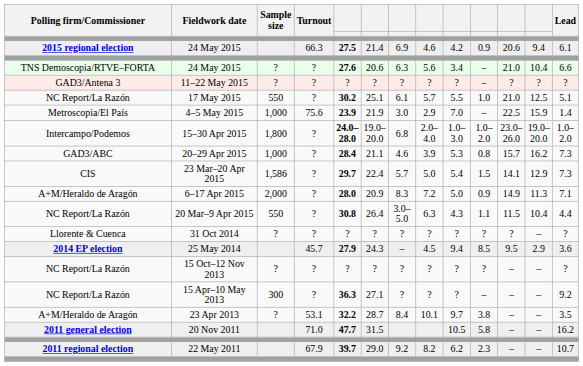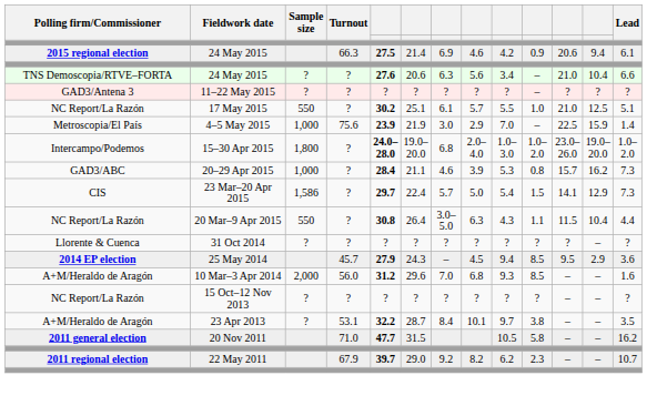 <table class="wikitable collapsible collapsed" style="text-align:center; font-size:95%; line-height:16px;">
 <tr style="height:42px;">
 <th style="width:250px;" rowspan="2">Polling firm/Commissioner</th>
 <th style="width:125px;" rowspan="2">Fieldwork date</th>
 <th style="width:50px;" rowspan="2">Sample size</th>
 <th style="width:45px;" rowspan="2">Turnout</th>
 <th style="width:35px;"></th>
 <th style="width:35px;"></th>
 <th style="width:35px;"></th>
 <th style="width:35px;"></th>
 <th style="width:35px;"></th>
 <th style="width:35px;"></th>
 <th style="width:35px;"></th>
 <th style="width:35px;"></th>
 <th style="width:30px;" rowspan="2">Lead</th>
 </tr>
 <tr>
 <th style="color:inherit;background:"></th>
 <th style="color:inherit;background:"></th>
 <th style="color:inherit;background:"></th>
 <th style="color:inherit;background:"></th>
 <th style="color:inherit;background:"></th>
 <th style="color:inherit;background:"></th>
 <th style="color:inherit;background:"></th>
 <th style="color:inherit;background:"></th>
 </tr>
 <tr>
 <td colspan="13" style="background:#A0A0A0"></td>
 </tr>
 <tr style="background:#EFEFEF;">
 <td><strong><a href='#'>2015 regional election</a></strong></td>
 <td>24 May 2015</td>
 <td></td>
 <td>66.3</td>
 <td><strong>27.5</strong><br></td>
 <td>21.4<br></td>
 <td>6.9<br></td>
 <td>4.6<br></td>
 <td>4.2<br></td>
 <td>0.9<br></td>
 <td>20.6<br></td>
 <td>9.4<br></td>
 <td style="background:">6.1</td>
 </tr>
 <tr>
 <td colspan="13" style="background:#A0A0A0"></td>
 </tr>
 <tr style="background:#EAFFEA;">
 <td>TNS Demoscopia/RTVE–FORTA</td>
 <td>24 May 2015</td>
 <td>?</td>
 <td>?</td>
 <td><strong>27.6</strong><br></td>
 <td>20.6<br></td>
 <td>6.3<br></td>
 <td>5.6<br></td>
 <td>3.4<br></td>
 <td>–</td>
 <td>21.0<br></td>
 <td>10.4<br></td>
 <td style="background:">6.6</td>
 </tr>
 <tr style="background:#FFEAEA;">
 <td>GAD3/Antena 3</td>
 <td>11–22 May 2015</td>
 <td>?</td>
 <td>?</td>
 <td>?<br></td>
 <td>?<br></td>
 <td>?<br></td>
 <td>?<br></td>
 <td>?<br></td>
 <td>–</td>
 <td>?<br></td>
 <td>?<br></td>
 <td style="background:">?</td>
 </tr>
 <tr>
 <td>NC Report/La Razón</td>
 <td>17 May 2015</td>
 <td>550</td>
 <td>?</td>
 <td><strong>30.2</strong><br></td>
 <td>25.1<br></td>
 <td>6.1<br></td>
 <td>5.7<br></td>
 <td>5.5<br></td>
 <td>1.0<br></td>
 <td>21.0<br></td>
 <td>12.5<br></td>
 <td style="background:">5.1</td>
 </tr>
 <tr>
 <td>Metroscopia/El País</td>
 <td>4–5 May 2015</td>
 <td>1,000</td>
 <td>75.6</td>
 <td><strong>23.9</strong><br></td>
 <td>21.9<br></td>
 <td>3.0<br></td>
 <td>2.9<br></td>
 <td>7.0<br></td>
 <td>–</td>
 <td>22.5<br></td>
 <td>15.9<br></td>
 <td style="background:">1.4</td>
 </tr>
 <tr>
 <td>Intercampo/Podemos</td>
 <td>15–30 Apr 2015</td>
 <td>1,800</td>
 <td>?</td>
 <td><strong>24.0–<br>28.0</strong></td>
 <td>19.0–<br>20.0</td>
 <td>6.8<br></td>
 <td>2.0–<br>4.0</td>
 <td>1.0–<br>3.0</td>
 <td>1.0–<br>2.0</td>
 <td>23.0–<br>26.0</td>
 <td>19.0–<br>20.0</td>
 <td style="background:">1.0–<br>2.0</td>
 </tr>
 <tr>
 <td>GAD3/ABC</td>
 <td>20–29 Apr 2015</td>
 <td>1,000</td>
 <td>?</td>
 <td><strong>28.4</strong><br></td>
 <td>21.1<br></td>
 <td>4.6<br></td>
 <td>3.9<br></td>
 <td>5.3<br></td>
 <td>0.8<br></td>
 <td>15.7<br></td>
 <td>16.2<br></td>
 <td style="background:">7.3</td>
 </tr>
 <tr>
 <td>CIS</td>
 <td>23 Mar–20 Apr 2015</td>
 <td>1,586</td>
 <td>?</td>
 <td><strong>29.7</strong><br></td>
 <td>22.4<br></td>
 <td>5.7<br></td>
 <td>5.0<br></td>
 <td>5.4<br></td>
 <td>1.5<br></td>
 <td>14.1<br></td>
 <td>12.9<br></td>
 <td style="background:">7.3</td>
 </tr>
 <tr>
-<td>A+M/Heraldo de Aragón</td>
-<td>6–17 Apr 2015</td>
-<td>2,000</td>
-<td>?</td>
-<td><strong>28.0</strong><br></td>
-<td>20.9<br></td>
-<td>8.3<br></td>
-<td>7.2<br></td>
-<td>5.0<br></td>
-<td>0.9<br></td>
-<td>14.9<br></td>
-<td>11.3<br></td>
-<td style="background:">7.1</td>
-</tr>
-<tr>
 <td>NC Report/La Razón</td>
 <td>20 Mar–9 Apr 2015</td>
 <td>550</td>
 <td>?</td>
 <td><strong>30.8</strong><br></td>
 <td>26.4<br></td>
 <td>3.0–<br>5.0</td>
 <td>6.3<br></td>
 <td>4.3<br></td>
 <td>1.1<br></td>
 <td>11.5<br></td>
 <td>10.4<br></td>
 <td style="background:">4.4</td>
 </tr>
 <tr>
 <td>Llorente & Cuenca</td>
 <td>31 Oct 2014</td>
 <td>?</td>
 <td>?</td>
 <td>?<br></td>
 <td>?<br></td>
 <td>?<br></td>
 <td>?<br></td>
 <td>?<br></td>
 <td>?<br></td>
 <td>?<br></td>
 <td>–</td>
 <td style="background:">?</td>
 </tr>
 <tr style="background:#EFEFEF;">
 <td><strong><a href='#'>2014 EP election</a></strong></td>
 <td>25 May 2014</td>
 <td></td>
 <td>45.7</td>
 <td><strong>27.9</strong><br></td>
 <td>24.3<br></td>
 <td>–</td>
 <td>4.5<br></td>
 <td>9.4<br></td>
 <td>8.5<br></td>
 <td>9.5<br></td>
 <td>2.9<br></td>
 <td style="background:">3.6</td>
 </tr>
 <tr>
+<td>A+M/Heraldo de Aragón</td>
+<td>10 Mar–3 Apr 2014</td>
+<td>2,000</td>
+<td>56.0</td>
+<td><strong>31.2</strong><br></td>
+<td>29.6<br></td>
+<td>7.0<br></td>
+<td>6.8<br></td>
+<td>9.3<br></td>
+<td>8.5<br></td>
+<td>–</td>
+<td>–</td>
+<td style="background:">1.6</td>
+</tr>
+<tr>
 <td>NC Report/La Razón</td>
 <td>15 Oct–12 Nov 2013</td>
 <td>?</td>
 <td>?</td>
 <td>?<br></td>
 <td>?<br></td>
 <td>?<br></td>
 <td>?<br></td>
 <td>?<br></td>
 <td>?<br></td>
 <td>–</td>
 <td>–</td>
 <td style="background:">?</td>
-</tr>
-<tr>
-<td>NC Report/La Razón</td>
-<td>15 Apr–10 May 2013</td>
-<td>300</td>
-<td>?</td>
-<td><strong>36.3</strong><br></td>
-<td>27.1<br></td>
-<td>?<br></td>
-<td>?<br></td>
-<td>?<br></td>
-<td>–</td>
-<td>–</td>
-<td>–</td>
-<td style="background:">9.2</td>
 </tr>
 <tr>
 <td>A+M/Heraldo de Aragón</td>
 <td>23 Apr 2013</td>
 <td>?</td>
 <td>53.1</td>
 <td><strong>32.2</strong><br></td>
 <td>28.7<br></td>
 <td>8.4<br></td>
 <td>10.1<br></td>
 <td>9.7<br></td>
 <td>3.8<br></td>
 <td>–</td>
 <td>–</td>
 <td style="background:">3.5</td>
 </tr>
 <tr style="background:#EFEFEF;">
 <td><strong><a href='#'>2011 general election</a></strong></td>
 <td>20 Nov 2011</td>
 <td></td>
 <td>71.0</td>
 <td><strong>47.7</strong><br></td>
 <td>31.5<br></td>
 <td></td>
 <td></td>
 <td>10.5<br></td>
 <td>5.8<br></td>
 <td>–</td>
 <td>–</td>
 <td style="background:">16.2</td>
 </tr>
 <tr>
 <td colspan="13" style="background:#A0A0A0"></td>
 </tr>
 <tr style="background:#EFEFEF;">
 <td><strong><a href='#'>2011 regional election</a></strong></td>
 <td>22 May 2011</td>
 <td></td>
 <td>67.9</td>
 <td><strong>39.7</strong><br></td>
 <td>29.0<br></td>
 <td>9.2<br></td>
 <td>8.2<br></td>
 <td>6.2<br></td>
 <td>2.3<br></td>
 <td>–</td>
 <td>–</td>
 <td style="background:">10.7</td>
 </tr>
 <tr>
 <td colspan="13" style="background:#A0A0A0"></td>
 </tr>
 </table>
